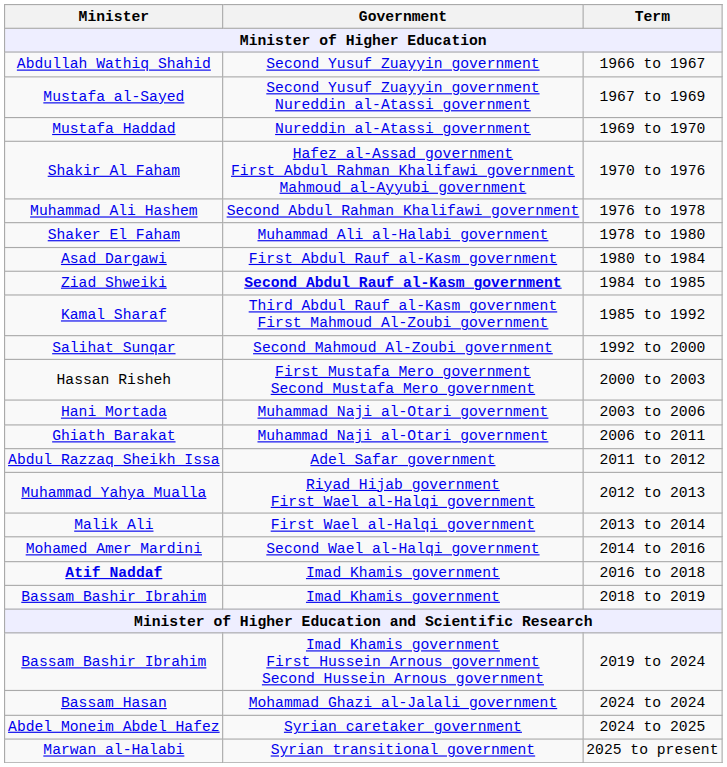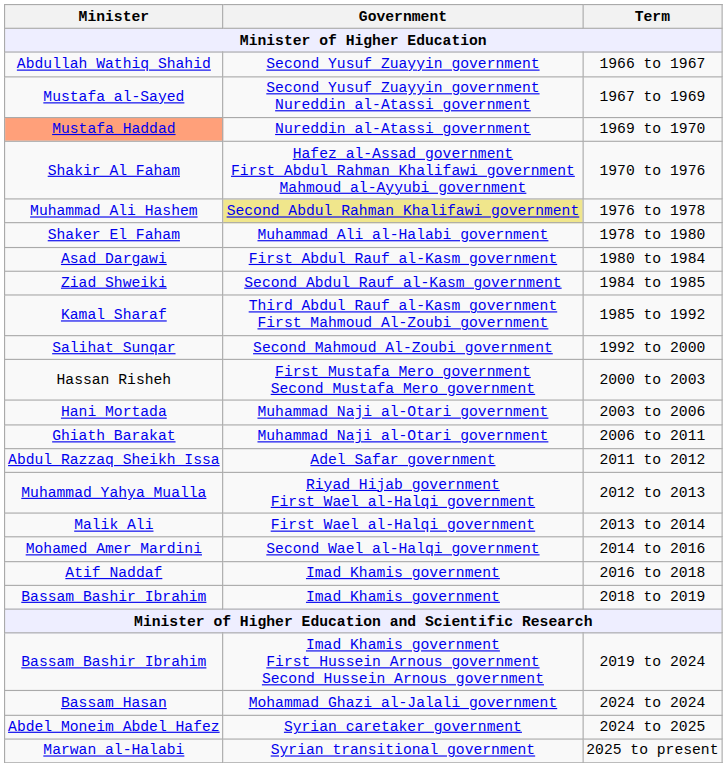 <table class="wikitable" style="text-align:center;">
 <tr>
 <th>Minister</th>
 <th>Government</th>
 <th>Term</th>
 </tr>
 <tr>
 <th style="background:#EEEEFF" colspan="6">Minister of Higher Education</th>
 </tr>
 <tr>
 <td><a href='#'>Abdullah Wathiq Shahid</a></td>
 <td><a href='#'>Second Yusuf Zuayyin government</a></td>
 <td>1966 to 1967</td>
 </tr>
 <tr>
 <td><a href='#'>Mustafa al-Sayed</a></td>
 <td><a href='#'>Second Yusuf Zuayyin government</a><br><a href='#'>Nureddin al-Atassi government</a></td>
 <td>1967 to 1969</td>
 </tr>
 <tr>
-<td><a href='#'>Mustafa Haddad</a></td>
+<td style="background: lightsalmon;"><a href='#'>Mustafa Haddad</a></td>
 <td><a href='#'>Nureddin al-Atassi government</a></td>
 <td>1969 to 1970</td>
 </tr>
 <tr>
 <td><a href='#'>Shakir Al Faham</a></td>
 <td><a href='#'>Hafez al-Assad government</a><br><a href='#'>First Abdul Rahman Khalifawi government</a><br><a href='#'>Mahmoud al-Ayyubi government</a></td>
 <td>1970 to 1976</td>
 </tr>
 <tr>
 <td><a href='#'>Muhammad Ali Hashem</a></td>
-<td><a href='#'>Second Abdul Rahman Khalifawi government</a></td>
+<td style="background: khaki;"><a href='#'>Second Abdul Rahman Khalifawi government</a></td>
 <td>1976 to 1978</td>
 </tr>
 <tr>
 <td><a href='#'>Shaker El Faham</a></td>
 <td><a href='#'>Muhammad Ali al-Halabi government</a></td>
 <td>1978 to 1980</td>
 </tr>
 <tr>
 <td><a href='#'>Asad Dargawi</a></td>
 <td><a href='#'>First Abdul Rauf al-Kasm government</a></td>
 <td>1980 to 1984</td>
 </tr>
 <tr>
 <td><a href='#'>Ziad Shweiki</a></td>
-<td><strong><a href='#'>Second Abdul Rauf al-Kasm government</a></strong></td>
+<td><a href='#'>Second Abdul Rauf al-Kasm government</a></td>
 <td>1984 to 1985</td>
 </tr>
 <tr>
 <td><a href='#'>Kamal Sharaf</a></td>
 <td><a href='#'>Third Abdul Rauf al-Kasm government</a><br><a href='#'>First Mahmoud Al-Zoubi government</a></td>
 <td>1985 to 1992</td>
 </tr>
 <tr>
 <td><a href='#'>Salihat Sunqar</a></td>
 <td><a href='#'>Second Mahmoud Al-Zoubi government</a></td>
 <td>1992 to 2000</td>
 </tr>
 <tr>
 <td>Hassan Risheh</td>
 <td><a href='#'>First Mustafa Mero government</a><br><a href='#'>Second Mustafa Mero government</a></td>
 <td>2000 to 2003</td>
 </tr>
 <tr>
 <td><a href='#'>Hani Mortada</a></td>
 <td><a href='#'>Muhammad Naji al-Otari government</a></td>
 <td>2003 to 2006</td>
 </tr>
 <tr>
 <td><a href='#'>Ghiath Barakat</a></td>
 <td><a href='#'>Muhammad Naji al-Otari government</a></td>
 <td>2006 to 2011</td>
 </tr>
 <tr>
 <td><a href='#'>Abdul Razzaq Sheikh Issa</a></td>
 <td><a href='#'>Adel Safar government</a></td>
 <td>2011 to 2012</td>
 </tr>
 <tr>
 <td><a href='#'>Muhammad Yahya Mualla</a></td>
 <td><a href='#'>Riyad Hijab government</a><br><a href='#'>First Wael al-Halqi government</a></td>
 <td>2012 to 2013</td>
 </tr>
 <tr>
 <td><a href='#'>Malik Ali</a></td>
 <td><a href='#'>First Wael al-Halqi government</a></td>
 <td>2013 to 2014</td>
 </tr>
 <tr>
 <td><a href='#'>Mohamed Amer Mardini</a></td>
 <td><a href='#'>Second Wael al-Halqi government</a></td>
 <td>2014 to 2016</td>
 </tr>
 <tr>
-<td><strong><a href='#'>Atif Naddaf</a></strong></td>
+<td><a href='#'>Atif Naddaf</a></td>
 <td><a href='#'>Imad Khamis government</a></td>
 <td>2016 to 2018</td>
 </tr>
 <tr>
 <td><a href='#'>Bassam Bashir Ibrahim</a></td>
 <td><a href='#'>Imad Khamis government</a></td>
 <td>2018 to 2019</td>
 </tr>
 <tr>
 <th style="background:#EEEEFF" colspan="6">Minister of Higher Education and Scientific Research</th>
 </tr>
 <tr>
 <td><a href='#'>Bassam Bashir Ibrahim</a></td>
 <td><a href='#'>Imad Khamis government</a><br><a href='#'>First Hussein Arnous government</a><br><a href='#'>Second Hussein Arnous government</a></td>
 <td>2019 to 2024</td>
 </tr>
 <tr>
 <td><a href='#'>Bassam Hasan</a></td>
 <td><a href='#'>Mohammad Ghazi al-Jalali government</a></td>
 <td>2024 to 2024</td>
 </tr>
 <tr>
 <td><a href='#'>Abdel Moneim Abdel Hafez</a></td>
 <td><a href='#'>Syrian caretaker government</a></td>
 <td>2024 to 2025</td>
 </tr>
 <tr>
 <td><a href='#'>Marwan al-Halabi</a></td>
 <td><a href='#'>Syrian transitional government</a></td>
 <td>2025 to present</td>
 </tr>
 </table>
